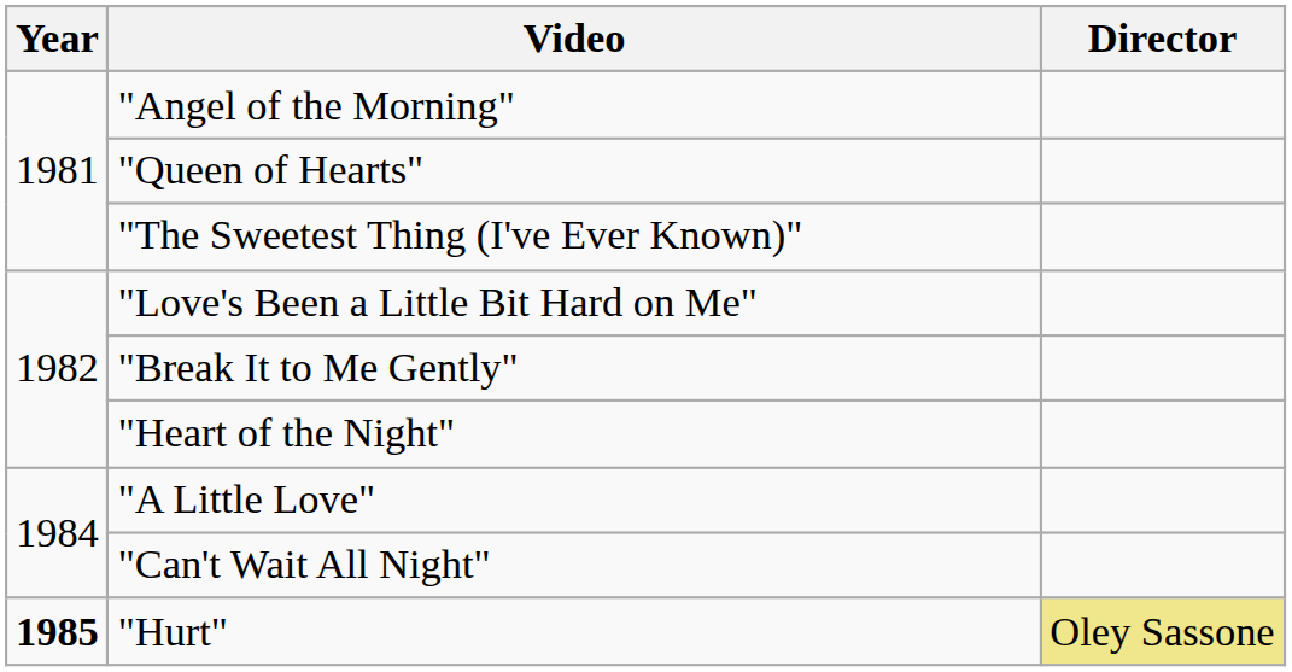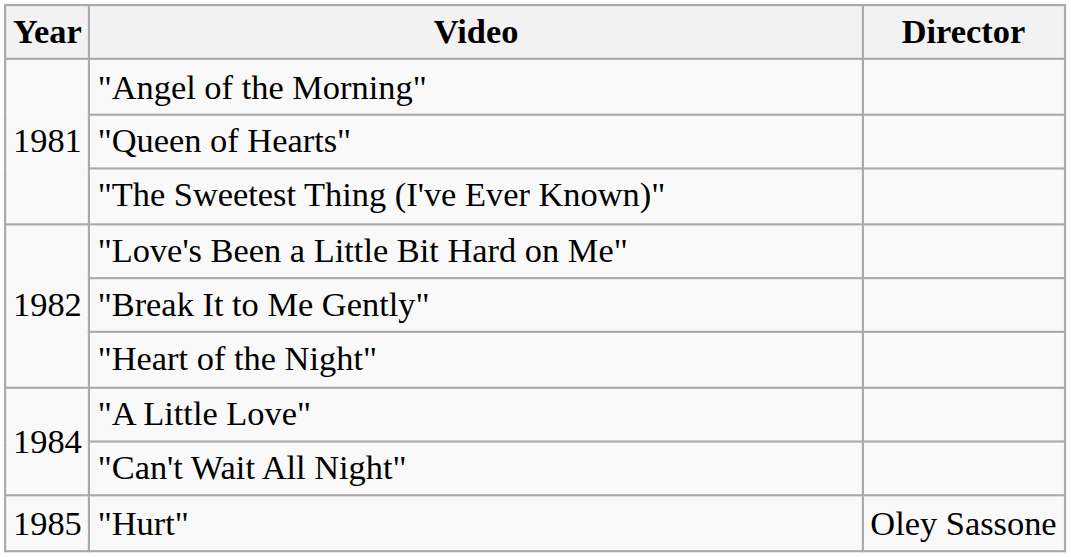 <table class="wikitable">
 <tr>
 <th>Year</th>
 <th style="width:22em;">Video</th>
 <th>Director</th>
 </tr>
 <tr>
 <td rowspan="3">1981</td>
 <td>"Angel of the Morning"</td>
 <td></td>
 </tr>
 <tr>
 <td>"Queen of Hearts"</td>
 <td></td>
 </tr>
 <tr>
 <td>"The Sweetest Thing (I've Ever Known)"</td>
 <td></td>
 </tr>
 <tr>
 <td rowspan="3">1982</td>
 <td>"Love's Been a Little Bit Hard on Me"</td>
 <td></td>
 </tr>
 <tr>
 <td>"Break It to Me Gently"</td>
 <td></td>
 </tr>
 <tr>
 <td>"Heart of the Night"</td>
 <td></td>
 </tr>
 <tr>
 <td rowspan="2">1984</td>
 <td>"A Little Love"</td>
 <td></td>
 </tr>
 <tr>
 <td>"Can't Wait All Night"</td>
 <td></td>
 </tr>
 <tr>
-<td><strong>1985</strong></td>
+<td>1985</td>
 <td>"Hurt"</td>
-<td style="background: khaki;">Oley Sassone</td>
+<td>Oley Sassone</td>
 </tr>
 </table>
